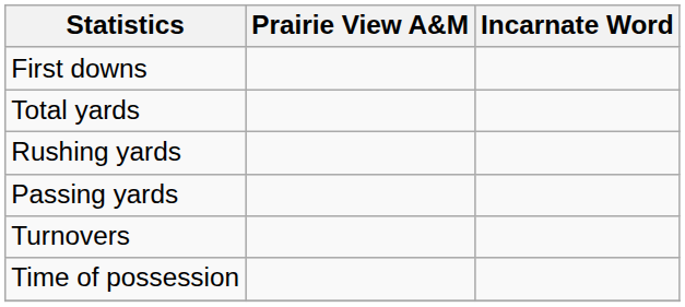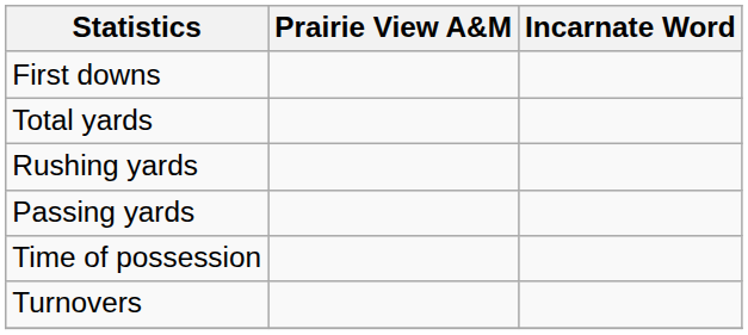 <table class="wikitable">
 <tr>
 <th>Statistics</th>
 <th>Prairie View A&M</th>
 <th>Incarnate Word</th>
 </tr>
 <tr>
 <td>First downs</td>
 <td> </td>
 <td> </td>
 </tr>
 <tr>
 <td>Total yards</td>
 <td> </td>
 <td> </td>
 </tr>
 <tr>
 <td>Rushing yards</td>
 <td> </td>
 <td> </td>
 </tr>
 <tr>
 <td>Passing yards</td>
 <td> </td>
 <td> </td>
 </tr>
 <tr>
-<td>Turnovers</td>
+<td>Time of possession</td>
 <td> </td>
 <td> </td>
 </tr>
 <tr>
-<td>Time of possession</td>
+<td>Turnovers</td>
 <td> </td>
 <td> </td>
 </tr>
 <tr>
 </tr>
 </table>
